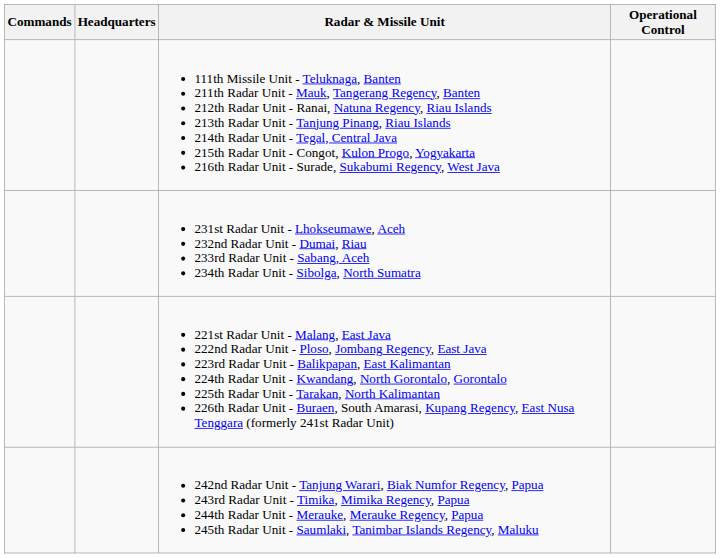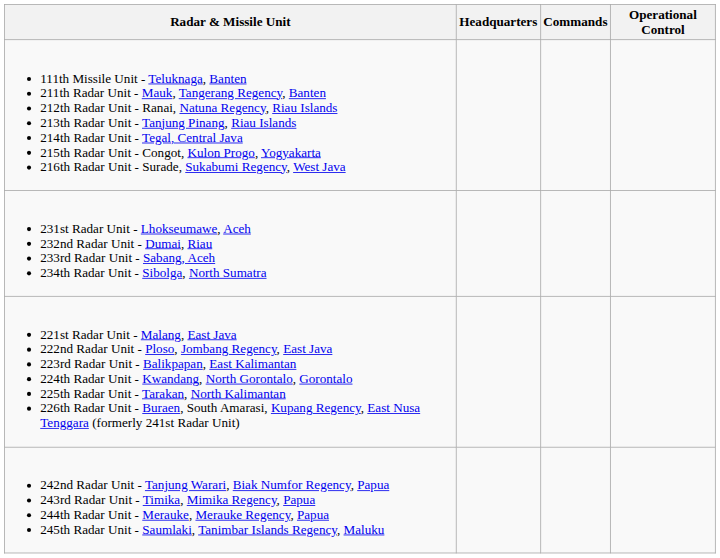 <table class="wikitable">
 <tr>
+<th>Radar & Missile Unit</th>
+<th>Headquarters</th>
 <th>Commands</th>
-<th>Headquarters</th>
-<th>Radar & Missile Unit</th>
 <th>Operational Control</th>
 </tr>
 <tr>
+<td><br><ul><li> 111th Missile Unit - <a href='#'>Teluknaga</a>, <a href='#'>Banten</a></li><li>211th Radar Unit - <a href='#'>Mauk</a>, <a href='#'>Tangerang Regency</a>, <a href='#'>Banten</a></li><li>212th Radar Unit - Ranai, <a href='#'>Natuna Regency</a>, <a href='#'>Riau Islands</a></li><li>213th Radar Unit - <a href='#'>Tanjung Pinang</a>, <a href='#'>Riau Islands</a></li><li> 214th Radar Unit - <a href='#'>Tegal, Central Java</a></li><li>215th Radar Unit - Congot, <a href='#'>Kulon Progo</a>, <a href='#'>Yogyakarta</a></li><li>216th Radar Unit - Surade, <a href='#'>Sukabumi Regency</a>, <a href='#'>West Java</a></li></ul></td>
 <td></td>
 <td></td>
-<td><br><ul><li> 111th Missile Unit - <a href='#'>Teluknaga</a>, <a href='#'>Banten</a></li><li>211th Radar Unit - <a href='#'>Mauk</a>, <a href='#'>Tangerang Regency</a>, <a href='#'>Banten</a></li><li>212th Radar Unit - Ranai, <a href='#'>Natuna Regency</a>, <a href='#'>Riau Islands</a></li><li>213th Radar Unit - <a href='#'>Tanjung Pinang</a>, <a href='#'>Riau Islands</a></li><li> 214th Radar Unit - <a href='#'>Tegal, Central Java</a></li><li>215th Radar Unit - Congot, <a href='#'>Kulon Progo</a>, <a href='#'>Yogyakarta</a></li><li>216th Radar Unit - Surade, <a href='#'>Sukabumi Regency</a>, <a href='#'>West Java</a></li></ul></td>
 <td></td>
 </tr>
 <tr>
+<td><br><ul><li>231st Radar Unit - <a href='#'>Lhokseumawe</a>, <a href='#'>Aceh</a></li><li>232nd Radar Unit - <a href='#'>Dumai</a>, <a href='#'>Riau</a></li><li>233rd Radar Unit - <a href='#'>Sabang, Aceh</a></li><li>234th Radar Unit - <a href='#'>Sibolga</a>, <a href='#'>North Sumatra</a></li></ul></td>
 <td></td>
 <td></td>
-<td><br><ul><li>231st Radar Unit - <a href='#'>Lhokseumawe</a>, <a href='#'>Aceh</a></li><li>232nd Radar Unit - <a href='#'>Dumai</a>, <a href='#'>Riau</a></li><li>233rd Radar Unit - <a href='#'>Sabang, Aceh</a></li><li>234th Radar Unit - <a href='#'>Sibolga</a>, <a href='#'>North Sumatra</a></li></ul></td>
 <td></td>
 </tr>
 <tr>
+<td><br><ul><li>221st Radar Unit - <a href='#'>Malang</a>, <a href='#'>East Java</a></li><li>222nd Radar Unit - <a href='#'>Ploso</a>, <a href='#'>Jombang Regency</a>, <a href='#'>East Java</a></li><li>223rd Radar Unit - <a href='#'>Balikpapan</a>, <a href='#'>East Kalimantan</a></li><li>224th Radar Unit - <a href='#'>Kwandang</a>, <a href='#'>North Gorontalo</a>, <a href='#'>Gorontalo</a></li><li>225th Radar Unit - <a href='#'>Tarakan</a>, <a href='#'>North Kalimantan</a></li><li>226th Radar Unit - <a href='#'>Buraen</a>, South Amarasi, <a href='#'>Kupang Regency</a>, <a href='#'>East Nusa Tenggara</a> (formerly 241st Radar Unit)</li></ul></td>
 <td></td>
 <td></td>
-<td><br><ul><li>221st Radar Unit - <a href='#'>Malang</a>, <a href='#'>East Java</a></li><li>222nd Radar Unit - <a href='#'>Ploso</a>, <a href='#'>Jombang Regency</a>, <a href='#'>East Java</a></li><li>223rd Radar Unit - <a href='#'>Balikpapan</a>, <a href='#'>East Kalimantan</a></li><li>224th Radar Unit - <a href='#'>Kwandang</a>, <a href='#'>North Gorontalo</a>, <a href='#'>Gorontalo</a></li><li>225th Radar Unit - <a href='#'>Tarakan</a>, <a href='#'>North Kalimantan</a></li><li>226th Radar Unit - <a href='#'>Buraen</a>, South Amarasi, <a href='#'>Kupang Regency</a>, <a href='#'>East Nusa Tenggara</a> (formerly 241st Radar Unit)</li></ul></td>
 <td></td>
 </tr>
 <tr>
+<td><br><ul><li>242nd Radar Unit - <a href='#'>Tanjung Warari</a>, <a href='#'>Biak Numfor Regency</a>,  <a href='#'>Papua</a></li><li>243rd Radar Unit - <a href='#'>Timika</a>, <a href='#'>Mimika Regency</a>, <a href='#'>Papua</a></li><li>244th Radar Unit - <a href='#'>Merauke</a>, <a href='#'>Merauke Regency</a>, <a href='#'>Papua</a></li><li>245th Radar Unit - <a href='#'>Saumlaki</a>, <a href='#'>Tanimbar Islands Regency</a>, <a href='#'>Maluku</a></li></ul></td>
 <td></td>
 <td></td>
-<td><br><ul><li>242nd Radar Unit - <a href='#'>Tanjung Warari</a>, <a href='#'>Biak Numfor Regency</a>,  <a href='#'>Papua</a></li><li>243rd Radar Unit - <a href='#'>Timika</a>, <a href='#'>Mimika Regency</a>, <a href='#'>Papua</a></li><li>244th Radar Unit - <a href='#'>Merauke</a>, <a href='#'>Merauke Regency</a>, <a href='#'>Papua</a></li><li>245th Radar Unit - <a href='#'>Saumlaki</a>, <a href='#'>Tanimbar Islands Regency</a>, <a href='#'>Maluku</a></li></ul></td>
 <td></td>
 </tr>
 </table>
